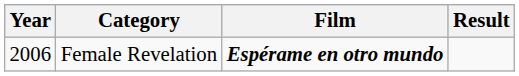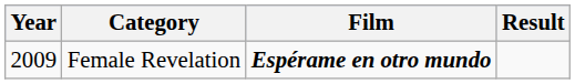 <table class="wikitable">
 <tr style="background:#b0c4de;">
 <th>Year</th>
 <th>Category</th>
 <th>Film</th>
 <th>Result</th>
 </tr>
 <tr>
-<td>2006</td>
+<td>2009</td>
 <td>Female Revelation</td>
 <td><strong><em>Espérame en otro mundo</em></strong></td>
 <td></td>
 </tr>
 </table>
